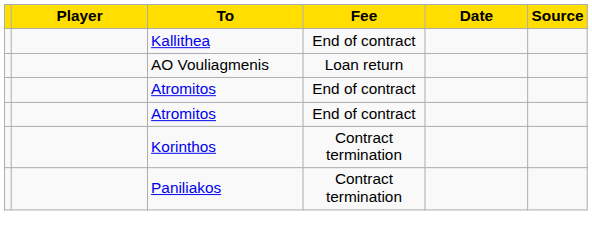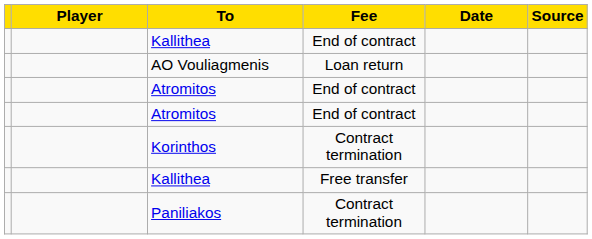 <table class="wikitable sortable">
 <tr>
 <th style="background:#FFDE00"></th>
 <th width=200 style="background:#FFDE00">Player</th>
 <th width=200 style="background:#FFDE00">To</th>
 <th width=150 style="background:#FFDE00">Fee</th>
 <th width=150 style="background:#FFDE00">Date</th>
 <th style="background:#FFDE00">Source</th>
 </tr>
 <tr>
 <td align=center></td>
 <td></td>
 <td> <a href='#'>Kallithea</a></td>
 <td align=center>End of contract</td>
 <td align=center></td>
 <td align=center></td>
 </tr>
 <tr>
 <td align=center></td>
 <td></td>
 <td> AO Vouliagmenis</td>
 <td align=center>Loan return</td>
 <td align=center></td>
 <td align=center></td>
 </tr>
 <tr>
 <td align=center></td>
 <td></td>
 <td> <a href='#'>Atromitos</a></td>
 <td align=center>End of contract</td>
 <td align=center></td>
 <td align=center></td>
 </tr>
 <tr>
 <td align=center></td>
 <td></td>
 <td> <a href='#'>Atromitos</a></td>
 <td align=center>End of contract</td>
 <td align=center></td>
 <td align=center></td>
 </tr>
 <tr>
 <td align=center></td>
 <td></td>
 <td> <a href='#'>Korinthos</a></td>
 <td align=center>Contract termination</td>
 <td align=center></td>
 <td align=center></td>
 </tr>
 <tr>
 <td align=center></td>
 <td></td>
+<td> <a href='#'>Kallithea</a></td>
+<td align=center>Free transfer</td>
+<td align=center></td>
+<td align=center></td>
+</tr>
+<tr>
+<td align=center></td>
+<td></td>
 <td> <a href='#'>Paniliakos</a></td>
 <td align=center>Contract termination</td>
 <td align=center></td>
 <td align=center></td>
 </tr>
 </table>
